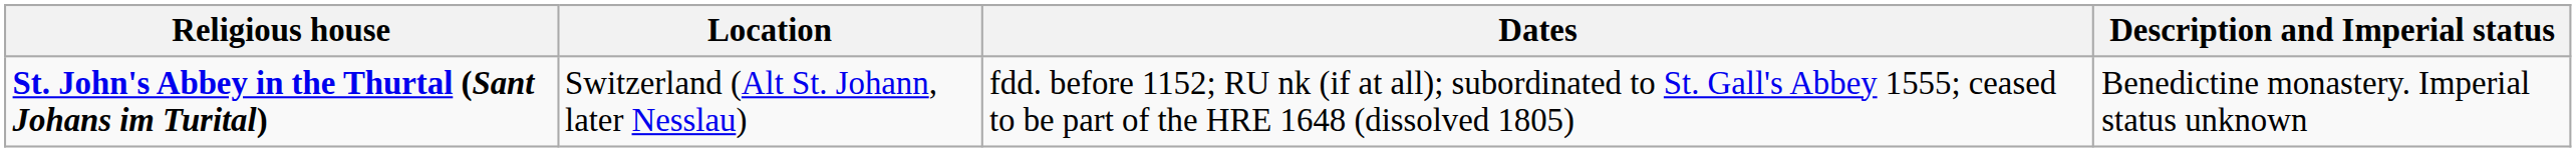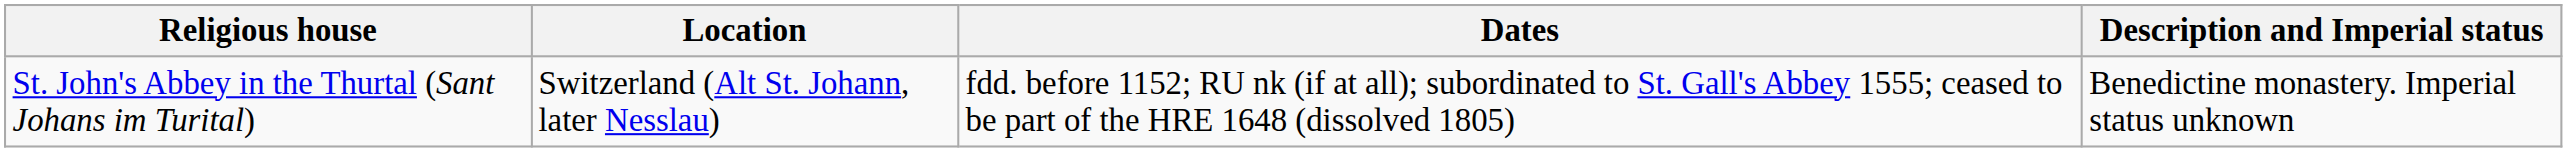 <table class="wikitable">
 <tr>
 <th>Religious house</th>
 <th>Location</th>
 <th>Dates</th>
 <th>Description and Imperial status</th>
 </tr>
 <tr>
-<td><strong><a href='#'>St. John's Abbey in the Thurtal</a> (<em>Sant Johans im Turital</em>)</strong></td>
+<td><a href='#'>St. John's Abbey in the Thurtal</a> (<em>Sant Johans im Turital</em>)</td>
 <td>Switzerland (<a href='#'>Alt St. Johann</a>, later <a href='#'>Nesslau</a>)</td>
 <td>fdd. before 1152; RU nk (if at all); subordinated to <a href='#'>St. Gall's Abbey</a> 1555; ceased to be part of the HRE 1648 (dissolved 1805)</td>
 <td>Benedictine monastery. Imperial status unknown</td>
 </tr>
 </table>
